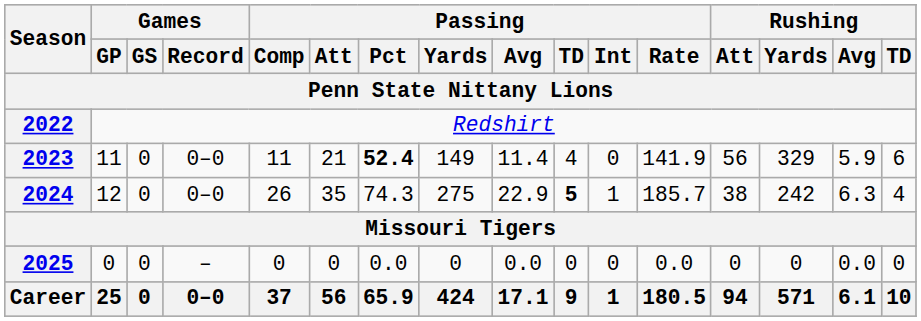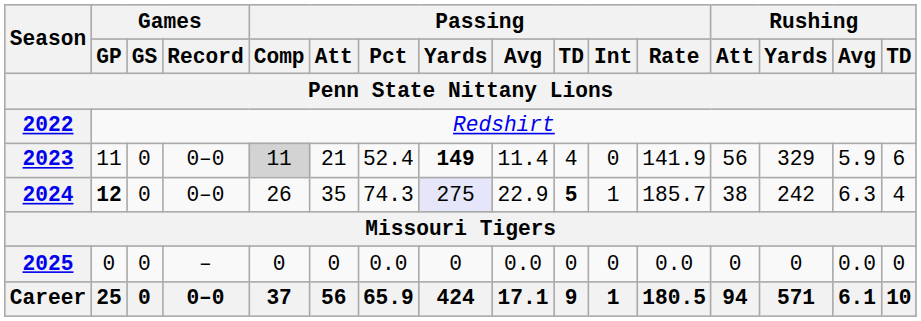 <table class="wikitable" style="text-align:center;">
 <tr>
 <th rowspan="2">Season</th>
 <th colspan="3">Games</th>
 <th colspan="8">Passing</th>
 <th colspan="5">Rushing</th>
 </tr>
 <tr>
 <th>GP</th>
 <th>GS</th>
 <th>Record</th>
 <th>Comp</th>
 <th>Att</th>
 <th>Pct</th>
 <th>Yards</th>
 <th>Avg</th>
 <th>TD</th>
 <th>Int</th>
 <th>Rate</th>
 <th>Att</th>
 <th>Yards</th>
 <th>Avg</th>
 <th>TD</th>
 </tr>
 <tr>
 <th colspan="16">Penn State Nittany Lions</th>
 </tr>
 <tr>
 <th><a href='#'>2022</a></th>
 <td colspan="15"> <em><a href='#'>Redshirt</a></em></td>
 </tr>
 <tr>
 <th><a href='#'>2023</a></th>
 <td>11</td>
 <td>0</td>
 <td>0–0</td>
-<td>11</td>
+<td style="background: lightgrey;">11</td>
 <td>21</td>
-<td><strong>52.4</strong></td>
-<td>149</td>
+<td>52.4</td>
+<td><strong>149</strong></td>
 <td>11.4</td>
 <td>4</td>
 <td>0</td>
 <td>141.9</td>
 <td>56</td>
 <td>329</td>
 <td>5.9</td>
 <td>6</td>
 </tr>
 <tr>
 <th><a href='#'>2024</a></th>
-<td>12</td>
+<td><strong>12</strong></td>
 <td>0</td>
 <td>0–0</td>
 <td>26</td>
 <td>35</td>
 <td>74.3</td>
-<td>275</td>
+<td style="background: lavender;">275</td>
 <td>22.9</td>
 <td><strong>5</strong></td>
 <td>1</td>
 <td>185.7</td>
 <td>38</td>
 <td>242</td>
 <td>6.3</td>
 <td>4</td>
 </tr>
 <tr>
 <th colspan="16">Missouri Tigers</th>
 </tr>
 <tr>
 <th><a href='#'>2025</a></th>
 <td>0</td>
 <td>0</td>
 <td>–</td>
 <td>0</td>
 <td>0</td>
 <td>0.0</td>
 <td>0</td>
 <td>0.0</td>
 <td>0</td>
 <td>0</td>
 <td>0.0</td>
 <td>0</td>
 <td>0</td>
 <td>0.0</td>
 <td>0</td>
 </tr>
 <tr>
 <th><strong>Career</strong></th>
 <th>25</th>
 <th>0</th>
 <th>0–0</th>
 <th>37</th>
 <th>56</th>
 <th>65.9</th>
 <th>424</th>
 <th>17.1</th>
 <th>9</th>
 <th>1</th>
 <th>180.5</th>
 <th>94</th>
 <th>571</th>
 <th>6.1</th>
 <th>10</th>
 </tr>
 </table>
